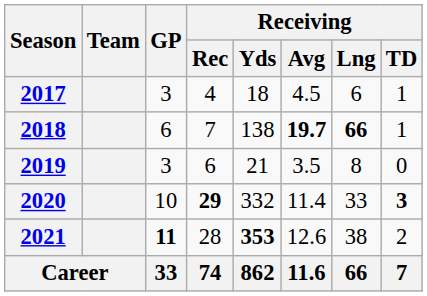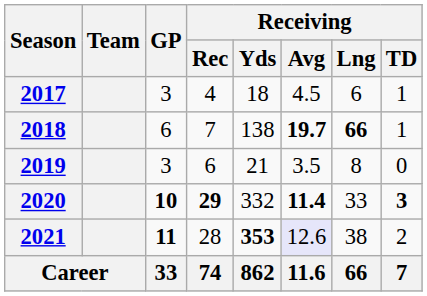 <table class="wikitable" style="text-align:center;">
 <tr>
 <th rowspan="2">Season</th>
 <th rowspan="2">Team</th>
 <th rowspan="2">GP</th>
 <th colspan="5">Receiving</th>
 </tr>
 <tr>
 <th>Rec</th>
 <th>Yds</th>
 <th>Avg</th>
 <th>Lng</th>
 <th>TD</th>
 </tr>
 <tr>
 <th><a href='#'>2017</a></th>
 <th><a href='#'></a></th>
 <td>3</td>
 <td>4</td>
 <td>18</td>
 <td>4.5</td>
 <td>6</td>
 <td>1</td>
 </tr>
 <tr>
 <th><a href='#'>2018</a></th>
 <th><a href='#'></a></th>
 <td>6</td>
 <td>7</td>
 <td>138</td>
 <td><strong>19.7</strong></td>
 <td><strong>66</strong></td>
 <td>1</td>
 </tr>
 <tr>
 <th><a href='#'>2019</a></th>
 <th><a href='#'></a></th>
 <td>3</td>
 <td>6</td>
 <td>21</td>
 <td>3.5</td>
 <td>8</td>
 <td>0</td>
 </tr>
 <tr>
 <th><a href='#'>2020</a></th>
 <th><a href='#'></a></th>
-<td>10</td>
+<td><strong>10</strong></td>
 <td><strong>29</strong></td>
 <td>332</td>
-<td>11.4</td>
+<td><strong>11.4</strong></td>
 <td>33</td>
 <td><strong>3</strong></td>
 </tr>
 <tr>
 <th><a href='#'>2021</a></th>
 <th><a href='#'></a></th>
 <td><strong>11</strong></td>
 <td>28</td>
 <td><strong>353</strong></td>
-<td>12.6</td>
+<td style="background: lavender;">12.6</td>
 <td>38</td>
 <td>2</td>
 </tr>
 <tr>
 <th colspan="2">Career</th>
 <th>33</th>
 <th>74</th>
 <th>862</th>
 <th>11.6</th>
 <th>66</th>
 <th>7</th>
 </tr>
 </table>
